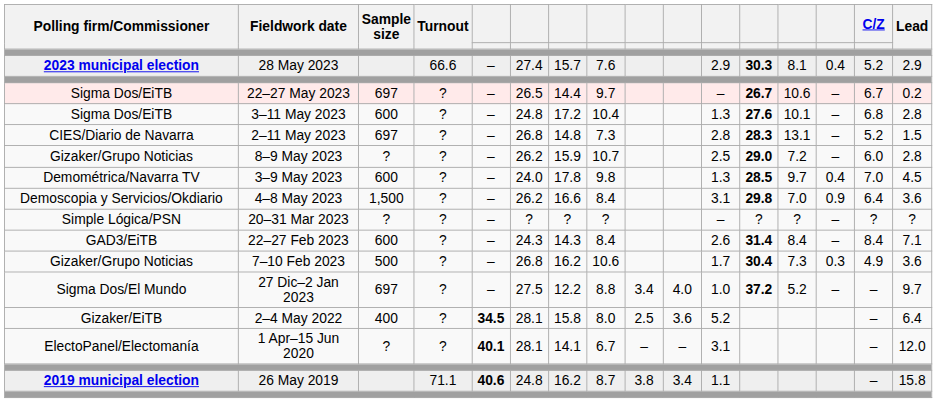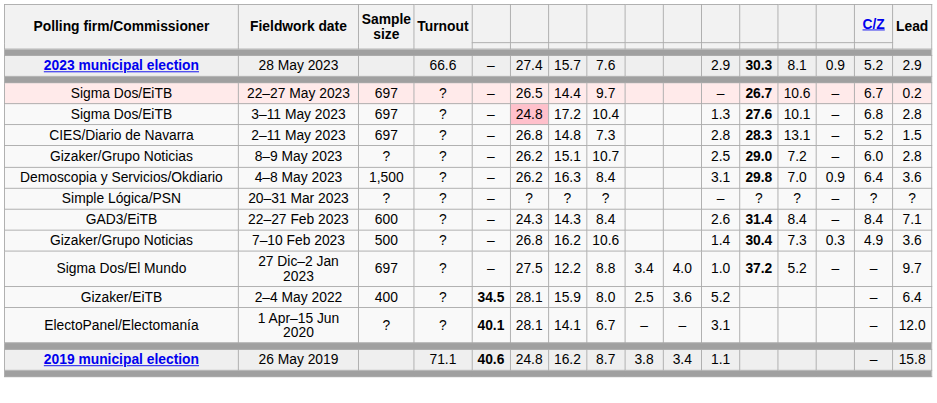 <table class="wikitable collapsible collapsed" style="text-align:center; font-size:95%; line-height:16px;">
 <tr style="height:42px;">
 <th style="width:250px;" rowspan="2">Polling firm/Commissioner</th>
 <th style="width:125px;" rowspan="2">Fieldwork date</th>
 <th style="width:50px;" rowspan="2">Sample size</th>
 <th style="width:45px;" rowspan="2">Turnout</th>
 <th style="width:35px;"></th>
 <th style="width:35px;"></th>
 <th style="width:35px;"></th>
 <th style="width:35px;"></th>
 <th style="width:35px;"></th>
 <th style="width:35px;"></th>
 <th style="width:35px;"></th>
 <th style="width:35px;"></th>
 <th style="width:35px;"></th>
 <th style="width:35px;"></th>
 <th style="width:35px;"><a href='#'>C/Z</a></th>
 <th style="width:30px;" rowspan="2">Lead</th>
 </tr>
 <tr>
 <th style="color:inherit;background:"></th>
 <th style="color:inherit;background:"></th>
 <th style="color:inherit;background:"></th>
 <th style="color:inherit;background:"></th>
 <th style="color:inherit;background:"></th>
 <th style="color:inherit;background:"></th>
 <th style="color:inherit;background:"></th>
 <th style="color:inherit;background:"></th>
 <th style="color:inherit;background:"></th>
 <th style="color:inherit;background:"></th>
 <th style="color:inherit;background:"></th>
 </tr>
 <tr>
 <td colspan="16" style="background:#A0A0A0"></td>
 </tr>
 <tr style="background:#EFEFEF;">
 <td><strong><a href='#'>2023 municipal election</a></strong></td>
 <td>28 May 2023</td>
 <td></td>
 <td>66.6</td>
 <td>–</td>
 <td>27.4<br></td>
 <td>15.7<br></td>
 <td>7.6<br></td>
 <td></td>
 <td></td>
 <td>2.9<br></td>
 <td><strong>30.3</strong><br></td>
 <td>8.1<br></td>
-<td>0.4<br></td>
+<td>0.9<br></td>
 <td>5.2<br></td>
 <td style="background:">2.9</td>
 </tr>
 <tr>
 <td colspan="16" style="background:#A0A0A0"></td>
 </tr>
 <tr style="background:#FFEAEA;">
 <td>Sigma Dos/EiTB</td>
 <td>22–27 May 2023</td>
 <td>697</td>
 <td>?</td>
 <td>–</td>
 <td>26.5<br></td>
 <td>14.4<br></td>
 <td>9.7<br></td>
 <td></td>
 <td></td>
 <td>–</td>
 <td><strong>26.7</strong><br></td>
 <td>10.6<br></td>
 <td>–</td>
 <td>6.7<br></td>
 <td style="background:">0.2</td>
 </tr>
 <tr>
 <td>Sigma Dos/EiTB</td>
 <td>3–11 May 2023</td>
-<td>600</td>
+<td>697</td>
 <td>?</td>
 <td>–</td>
-<td>24.8<br></td>
+<td style="background: pink;">24.8<br></td>
 <td>17.2<br></td>
 <td>10.4<br></td>
 <td></td>
 <td></td>
 <td>1.3<br></td>
 <td><strong>27.6</strong><br></td>
 <td>10.1<br></td>
 <td>–</td>
 <td>6.8<br></td>
 <td style="background:">2.8</td>
 </tr>
 <tr>
 <td>CIES/Diario de Navarra</td>
 <td>2–11 May 2023</td>
 <td>697</td>
 <td>?</td>
 <td>–</td>
 <td>26.8<br></td>
 <td>14.8<br></td>
 <td>7.3<br></td>
 <td></td>
 <td></td>
 <td>2.8<br></td>
 <td><strong>28.3</strong><br></td>
 <td>13.1<br></td>
 <td>–</td>
 <td>5.2<br></td>
 <td style="background:">1.5</td>
 </tr>
 <tr>
 <td>Gizaker/Grupo Noticias</td>
 <td>8–9 May 2023</td>
 <td>?</td>
 <td>?</td>
 <td>–</td>
 <td>26.2<br></td>
-<td>15.9<br></td>
+<td>15.1<br></td>
 <td>10.7<br></td>
 <td></td>
 <td></td>
 <td>2.5<br></td>
 <td><strong>29.0</strong><br></td>
 <td>7.2<br></td>
 <td>–</td>
 <td>6.0<br></td>
 <td style="background:">2.8</td>
 </tr>
 <tr>
-<td>Demométrica/Navarra TV</td>
-<td>3–9 May 2023</td>
-<td>600</td>
-<td>?</td>
-<td>–</td>
-<td>24.0<br></td>
-<td>17.8<br></td>
-<td>9.8<br></td>
-<td></td>
-<td></td>
-<td>1.3<br></td>
-<td><strong>28.5</strong><br></td>
-<td>9.7<br></td>
-<td>0.4<br></td>
-<td>7.0<br></td>
-<td style="background:">4.5</td>
-</tr>
-<tr>
 <td>Demoscopia y Servicios/Okdiario</td>
 <td>4–8 May 2023</td>
 <td>1,500</td>
 <td>?</td>
 <td>–</td>
 <td>26.2<br></td>
-<td>16.6<br></td>
+<td>16.3<br></td>
 <td>8.4<br></td>
 <td></td>
 <td></td>
 <td>3.1<br></td>
 <td><strong>29.8</strong><br></td>
 <td>7.0<br></td>
 <td>0.9<br></td>
 <td>6.4<br></td>
 <td style="background:">3.6</td>
 </tr>
 <tr>
 <td>Simple Lógica/PSN</td>
 <td>20–31 Mar 2023</td>
 <td>?</td>
 <td>?</td>
 <td>–</td>
 <td>?<br></td>
 <td>?<br></td>
 <td>?<br></td>
 <td></td>
 <td></td>
 <td>–</td>
 <td>?<br></td>
 <td>?<br></td>
 <td>–</td>
 <td>?<br></td>
 <td style="background:">?</td>
 </tr>
 <tr>
 <td>GAD3/EiTB</td>
 <td>22–27 Feb 2023</td>
 <td>600</td>
 <td>?</td>
 <td>–</td>
 <td>24.3<br></td>
 <td>14.3<br></td>
 <td>8.4<br></td>
 <td></td>
 <td></td>
 <td>2.6<br></td>
 <td><strong>31.4</strong><br></td>
 <td>8.4<br></td>
 <td>–</td>
 <td>8.4<br></td>
 <td style="background:">7.1</td>
 </tr>
 <tr>
 <td>Gizaker/Grupo Noticias</td>
 <td>7–10 Feb 2023</td>
 <td>500</td>
 <td>?</td>
 <td>–</td>
 <td>26.8<br></td>
 <td>16.2<br></td>
 <td>10.6<br></td>
 <td></td>
 <td></td>
-<td>1.7<br></td>
+<td>1.4<br></td>
 <td><strong>30.4</strong><br></td>
 <td>7.3<br></td>
 <td>0.3<br></td>
 <td>4.9<br></td>
 <td style="background:">3.6</td>
 </tr>
 <tr>
 <td>Sigma Dos/El Mundo</td>
 <td>27 Dic–2 Jan 2023</td>
 <td>697</td>
 <td>?</td>
 <td>–</td>
 <td>27.5<br></td>
 <td>12.2<br></td>
 <td>8.8<br></td>
 <td>3.4<br></td>
 <td>4.0<br></td>
 <td>1.0<br></td>
 <td><strong>37.2</strong><br></td>
 <td>5.2<br></td>
 <td>–</td>
 <td>–</td>
 <td style="background:">9.7</td>
 </tr>
 <tr>
 <td>Gizaker/EiTB</td>
 <td>2–4 May 2022</td>
 <td>400</td>
 <td>?</td>
 <td><strong>34.5</strong><br></td>
 <td>28.1<br></td>
-<td>15.8<br></td>
+<td>15.9<br></td>
 <td>8.0<br></td>
 <td>2.5<br></td>
 <td>3.6<br></td>
 <td>5.2<br></td>
 <td></td>
 <td></td>
 <td></td>
 <td>–</td>
 <td style="background:">6.4</td>
 </tr>
 <tr>
 <td>ElectoPanel/Electomanía</td>
 <td>1 Apr–15 Jun 2020</td>
 <td>?</td>
 <td>?</td>
 <td><strong>40.1</strong><br></td>
 <td>28.1<br></td>
 <td>14.1<br></td>
 <td>6.7<br></td>
 <td>–</td>
 <td>–</td>
 <td>3.1<br></td>
 <td></td>
 <td></td>
 <td></td>
 <td>–</td>
 <td style="background:">12.0</td>
 </tr>
 <tr>
 <td colspan="16" style="background:#A0A0A0"></td>
 </tr>
 <tr style="background:#EFEFEF;">
 <td><strong><a href='#'>2019 municipal election</a></strong></td>
 <td>26 May 2019</td>
 <td></td>
 <td>71.1</td>
 <td><strong>40.6</strong><br></td>
 <td>24.8<br></td>
 <td>16.2<br></td>
 <td>8.7<br></td>
 <td>3.8<br></td>
 <td>3.4<br></td>
 <td>1.1<br></td>
 <td></td>
 <td></td>
 <td></td>
 <td>–</td>
 <td style="background:">15.8</td>
 </tr>
 <tr>
 <td colspan="16" style="background:#A0A0A0"></td>
 </tr>
 </table>
